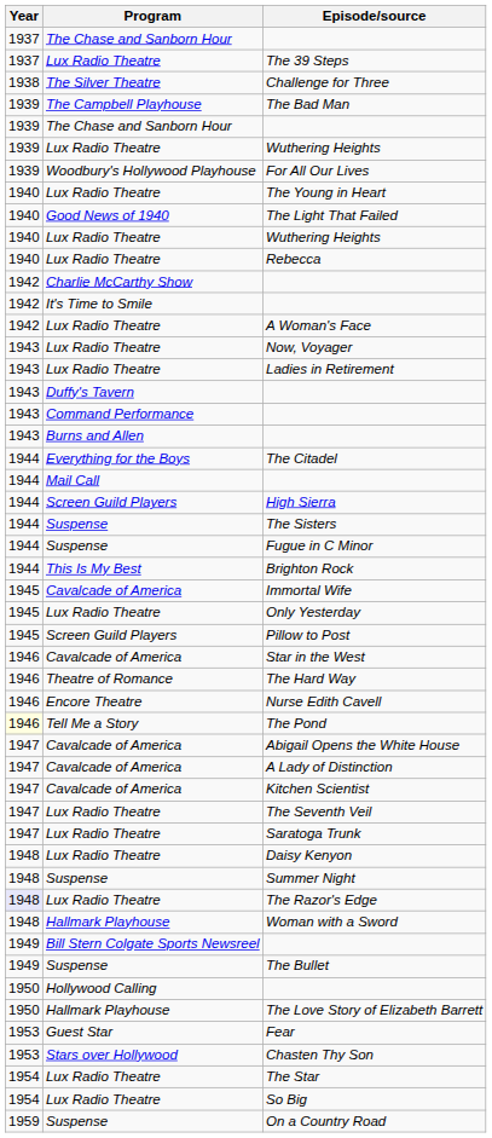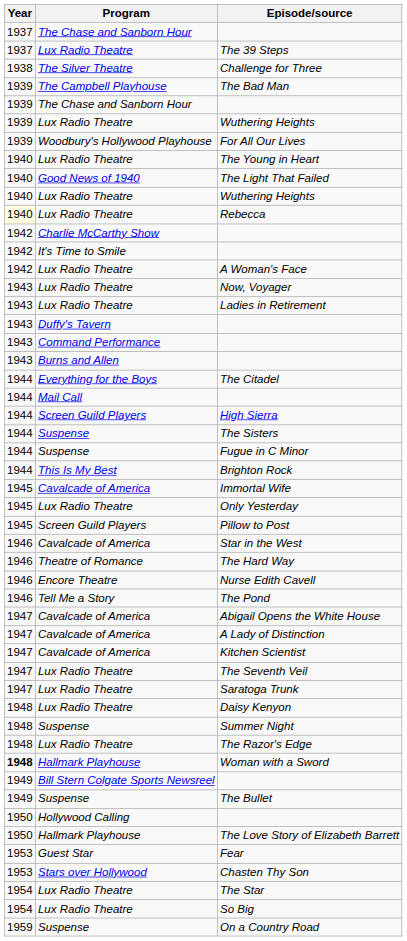 <table class="wikitable">
 <tr>
 <th>Year</th>
 <th>Program</th>
 <th>Episode/source</th>
 </tr>
 <tr>
 <td>1937</td>
 <td><em><a href='#'>The Chase and Sanborn Hour</a></em></td>
 <td></td>
 </tr>
 <tr>
 <td>1937</td>
 <td><em><a href='#'>Lux Radio Theatre</a></em></td>
 <td><em>The 39 Steps</em></td>
 </tr>
 <tr>
 <td>1938</td>
 <td><em><a href='#'>The Silver Theatre</a></em></td>
 <td><em>Challenge for Three</em></td>
 </tr>
 <tr>
 <td>1939</td>
 <td><em><a href='#'>The Campbell Playhouse</a></em></td>
 <td><em>The Bad Man</em></td>
 </tr>
 <tr>
 <td>1939</td>
 <td><em>The Chase and Sanborn Hour</em></td>
 <td></td>
 </tr>
 <tr>
 <td>1939</td>
 <td><em>Lux Radio Theatre</em></td>
 <td><em>Wuthering Heights</em></td>
 </tr>
 <tr>
 <td>1939</td>
 <td><em>Woodbury's Hollywood Playhouse</em></td>
 <td><em>For All Our Lives</em></td>
 </tr>
 <tr>
 <td>1940</td>
 <td><em>Lux Radio Theatre</em></td>
 <td><em>The Young in Heart</em></td>
 </tr>
 <tr>
 <td>1940</td>
 <td><em><a href='#'>Good News of 1940</a></em></td>
 <td><em>The Light That Failed</em></td>
 </tr>
 <tr>
 <td>1940</td>
 <td><em>Lux Radio Theatre</em></td>
 <td><em>Wuthering Heights</em></td>
 </tr>
 <tr>
-<td>1940</td>
+<td style="background: lightyellow;">1940</td>
 <td><em>Lux Radio Theatre</em></td>
 <td><em>Rebecca</em></td>
 </tr>
 <tr>
 <td>1942</td>
 <td><em><a href='#'>Charlie McCarthy Show</a></em></td>
 <td></td>
 </tr>
 <tr>
 <td>1942</td>
 <td><em>It's Time to Smile</em></td>
 <td></td>
 </tr>
 <tr>
 <td>1942</td>
 <td><em>Lux Radio Theatre</em></td>
 <td><em>A Woman's Face</em></td>
 </tr>
 <tr>
 <td>1943</td>
 <td><em>Lux Radio Theatre</em></td>
 <td><em>Now, Voyager</em></td>
 </tr>
 <tr>
 <td>1943</td>
 <td><em>Lux Radio Theatre</em></td>
 <td><em>Ladies in Retirement</em></td>
 </tr>
 <tr>
 <td>1943</td>
 <td><em><a href='#'>Duffy's Tavern</a></em></td>
 <td></td>
 </tr>
 <tr>
 <td>1943</td>
 <td><em><a href='#'>Command Performance</a></em></td>
 <td></td>
 </tr>
 <tr>
 <td>1943</td>
 <td><em><a href='#'>Burns and Allen</a></em></td>
 <td></td>
 </tr>
 <tr>
 <td>1944</td>
 <td><em><a href='#'>Everything for the Boys</a></em></td>
 <td><em>The Citadel</em></td>
 </tr>
 <tr>
 <td>1944</td>
 <td><em><a href='#'>Mail Call</a></em></td>
 <td></td>
 </tr>
 <tr>
 <td>1944</td>
 <td><em><a href='#'>Screen Guild Players</a></em></td>
 <td><em><a href='#'>High Sierra</a></em></td>
 </tr>
 <tr>
 <td>1944</td>
 <td><em><a href='#'>Suspense</a></em></td>
 <td><em>The Sisters</em></td>
 </tr>
 <tr>
 <td>1944</td>
 <td><em>Suspense</em></td>
 <td><em>Fugue in C Minor</em></td>
 </tr>
 <tr>
 <td>1944</td>
 <td><em><a href='#'>This Is My Best</a></em></td>
 <td><em>Brighton Rock</em></td>
 </tr>
 <tr>
 <td>1945</td>
 <td><em><a href='#'>Cavalcade of America</a></em></td>
 <td><em>Immortal Wife</em></td>
 </tr>
 <tr>
 <td>1945</td>
 <td><em>Lux Radio Theatre</em></td>
 <td><em>Only Yesterday</em></td>
 </tr>
 <tr>
 <td>1945</td>
 <td><em>Screen Guild Players</em></td>
 <td><em>Pillow to Post</em></td>
 </tr>
 <tr>
 <td>1946</td>
 <td><em>Cavalcade of America</em></td>
 <td><em>Star in the West</em></td>
 </tr>
 <tr>
 <td>1946</td>
 <td><em>Theatre of Romance</em></td>
 <td><em>The Hard Way</em></td>
 </tr>
 <tr>
 <td>1946</td>
 <td><em>Encore Theatre</em></td>
 <td><em>Nurse Edith Cavell</em></td>
 </tr>
 <tr>
-<td style="background: lightyellow;">1946</td>
+<td>1946</td>
 <td><em>Tell Me a Story</em></td>
 <td><em>The Pond</em></td>
 </tr>
 <tr>
 <td>1947</td>
 <td><em>Cavalcade of America</em></td>
 <td><em>Abigail Opens the White House</em></td>
 </tr>
 <tr>
 <td>1947</td>
 <td><em>Cavalcade of America</em></td>
 <td><em>A Lady of Distinction</em></td>
 </tr>
 <tr>
 <td>1947</td>
 <td><em>Cavalcade of America</em></td>
 <td><em>Kitchen Scientist</em></td>
 </tr>
 <tr>
 <td>1947</td>
 <td><em>Lux Radio Theatre</em></td>
 <td><em>The Seventh Veil</em></td>
 </tr>
 <tr>
 <td>1947</td>
 <td><em>Lux Radio Theatre</em></td>
 <td><em>Saratoga Trunk</em></td>
 </tr>
 <tr>
 <td>1948</td>
 <td><em>Lux Radio Theatre</em></td>
 <td><em>Daisy Kenyon</em></td>
 </tr>
 <tr>
 <td>1948</td>
 <td><em>Suspense</em></td>
 <td><em>Summer Night</em></td>
 </tr>
 <tr>
-<td style="background: lavender;">1948</td>
+<td>1948</td>
 <td><em>Lux Radio Theatre</em></td>
 <td><em>The Razor's Edge</em></td>
 </tr>
 <tr>
-<td>1948</td>
+<td><strong>1948</strong></td>
 <td><em><a href='#'>Hallmark Playhouse</a></em></td>
 <td><em>Woman with a Sword</em></td>
 </tr>
 <tr>
 <td>1949</td>
 <td><em><a href='#'>Bill Stern Colgate Sports Newsreel</a></em></td>
 <td></td>
 </tr>
 <tr>
 <td>1949</td>
 <td><em>Suspense</em></td>
 <td><em>The Bullet</em></td>
 </tr>
 <tr>
 <td>1950</td>
 <td><em>Hollywood Calling</em></td>
 <td></td>
 </tr>
 <tr>
 <td>1950</td>
 <td><em>Hallmark Playhouse</em></td>
 <td><em>The Love Story of Elizabeth Barrett</em></td>
 </tr>
 <tr>
 <td>1953</td>
 <td><em>Guest Star</em></td>
 <td><em>Fear</em></td>
 </tr>
 <tr>
 <td>1953</td>
 <td><em><a href='#'>Stars over Hollywood</a></em></td>
 <td><em>Chasten Thy Son</em></td>
 </tr>
 <tr>
 <td>1954</td>
 <td><em>Lux Radio Theatre</em></td>
 <td><em>The Star</em></td>
 </tr>
 <tr>
 <td>1954</td>
 <td><em>Lux Radio Theatre</em></td>
 <td><em>So Big</em></td>
 </tr>
 <tr>
 <td>1959</td>
 <td><em>Suspense</em></td>
 <td><em>On a Country Road</em></td>
 </tr>
 </table>
